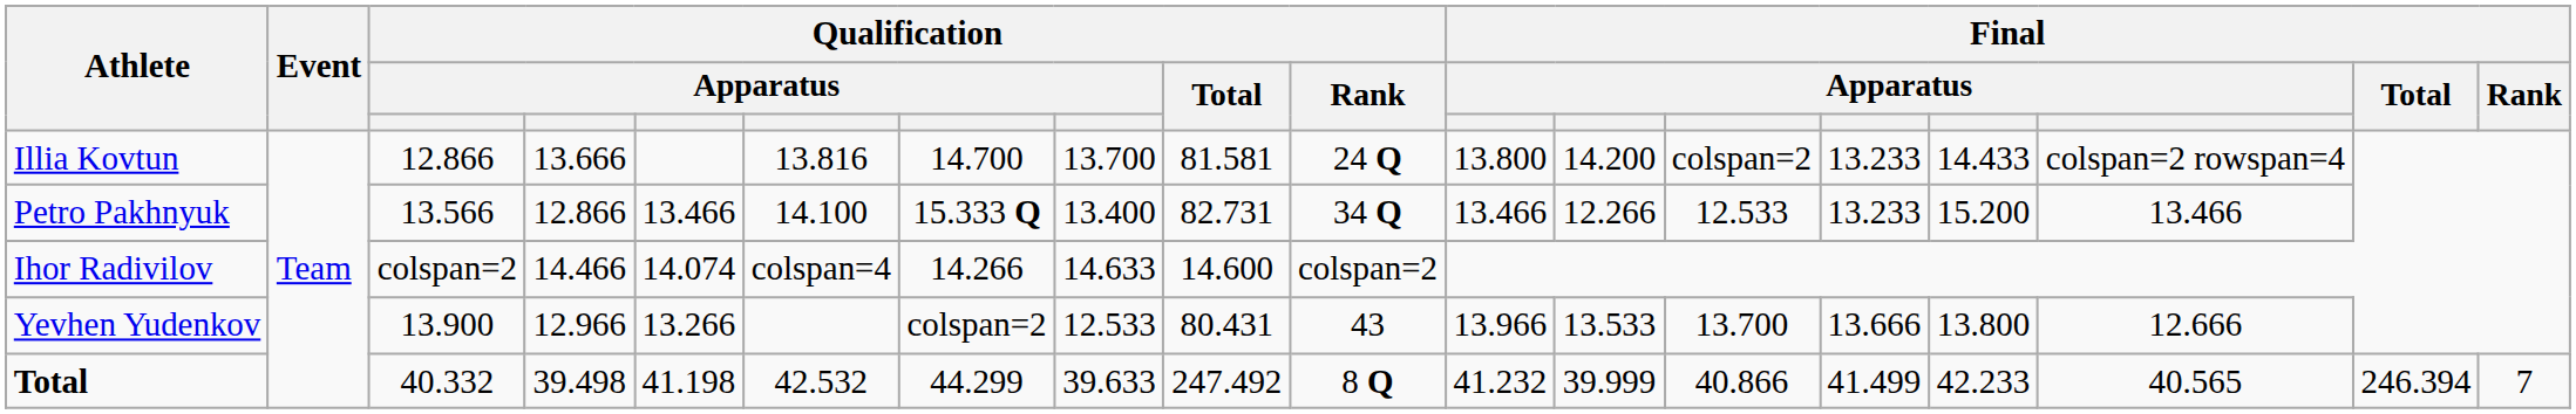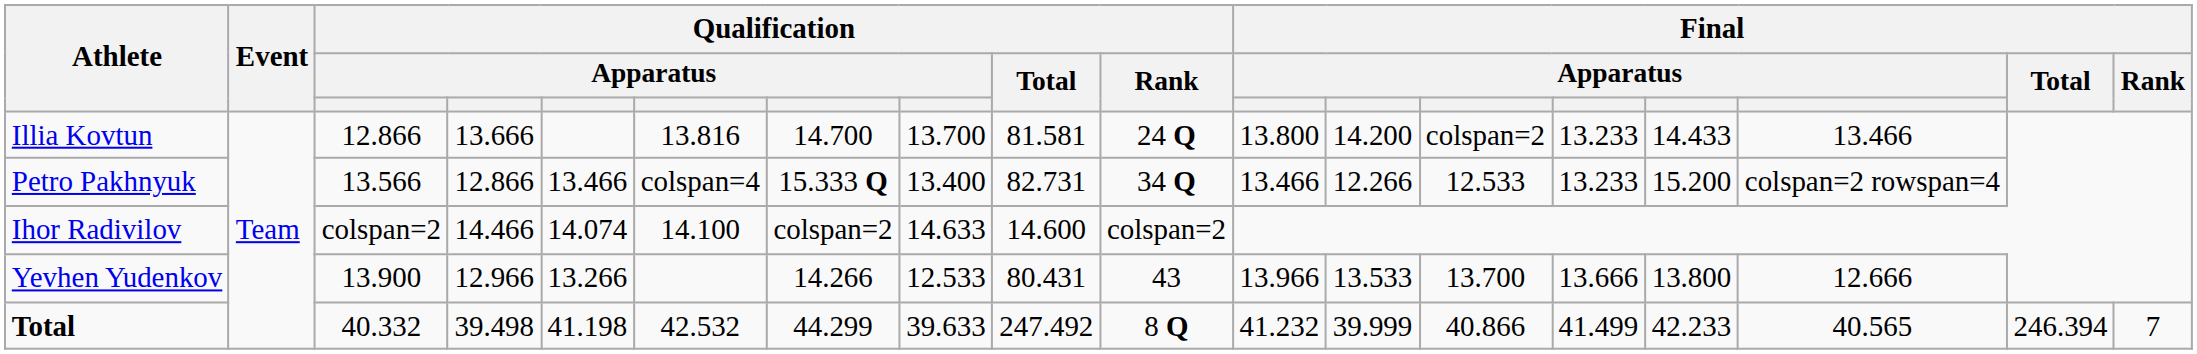 <table class="wikitable" style="font-size:90%">
 <tr>
 <th rowspan=3>Athlete</th>
 <th rowspan=3>Event</th>
 <th colspan =8>Qualification</th>
 <th colspan =8>Final</th>
 </tr>
 <tr style="font-size:95%">
 <th colspan=6>Apparatus</th>
 <th rowspan=2>Total</th>
 <th rowspan=2>Rank</th>
 <th colspan=6>Apparatus</th>
 <th rowspan=2>Total</th>
 <th rowspan=2>Rank</th>
 </tr>
 <tr style="font-size:95%">
 <th></th>
 <th></th>
 <th></th>
 <th></th>
 <th></th>
 <th></th>
 <th></th>
 <th></th>
 <th></th>
 <th></th>
 <th></th>
 <th></th>
 </tr>
 <tr align=center>
 <td align=left><a href='#'>Illia Kovtun</a></td>
 <td align=left rowspan=5><a href='#'>Team</a></td>
 <td>12.866</td>
 <td>13.666</td>
 <td></td>
 <td>13.816</td>
 <td>14.700</td>
 <td>13.700</td>
 <td>81.581</td>
 <td>24 <strong>Q</strong></td>
 <td>13.800</td>
 <td>14.200</td>
 <td>colspan=2 </td>
 <td>13.233</td>
 <td>14.433</td>
-<td>colspan=2 rowspan=4 </td>
+<td>13.466</td>
 </tr>
 <tr align=center>
 <td align=left><a href='#'>Petro Pakhnyuk</a></td>
 <td>13.566</td>
 <td>12.866</td>
 <td>13.466</td>
-<td>14.100</td>
+<td>colspan=4 </td>
 <td>15.333 <strong>Q</strong></td>
 <td>13.400</td>
 <td>82.731</td>
 <td>34 <strong>Q</strong></td>
 <td>13.466</td>
 <td>12.266</td>
 <td>12.533</td>
 <td>13.233</td>
 <td>15.200</td>
-<td>13.466</td>
+<td>colspan=2 rowspan=4 </td>
 </tr>
 <tr align=center>
 <td align=left><a href='#'>Ihor Radivilov</a></td>
 <td>colspan=2 </td>
 <td>14.466</td>
 <td>14.074</td>
-<td>colspan=4 </td>
-<td>14.266</td>
+<td>14.100</td>
+<td>colspan=2 </td>
 <td>14.633</td>
 <td>14.600</td>
 <td>colspan=2 </td>
 </tr>
 <tr align=center>
 <td align=left><a href='#'>Yevhen Yudenkov</a></td>
 <td>13.900</td>
 <td>12.966</td>
 <td>13.266</td>
 <td></td>
-<td>colspan=2 </td>
+<td>14.266</td>
 <td>12.533</td>
 <td>80.431</td>
 <td>43</td>
 <td>13.966</td>
 <td>13.533</td>
 <td>13.700</td>
 <td>13.666</td>
 <td>13.800</td>
 <td>12.666</td>
 </tr>
 <tr align=center>
 <td align=left><strong>Total</strong></td>
 <td>40.332</td>
 <td>39.498</td>
 <td>41.198</td>
 <td>42.532</td>
 <td>44.299</td>
 <td>39.633</td>
 <td>247.492</td>
 <td>8 <strong>Q</strong></td>
 <td>41.232</td>
 <td>39.999</td>
 <td>40.866</td>
 <td>41.499</td>
 <td>42.233</td>
 <td>40.565</td>
 <td>246.394</td>
 <td>7</td>
 </tr>
 </table>
